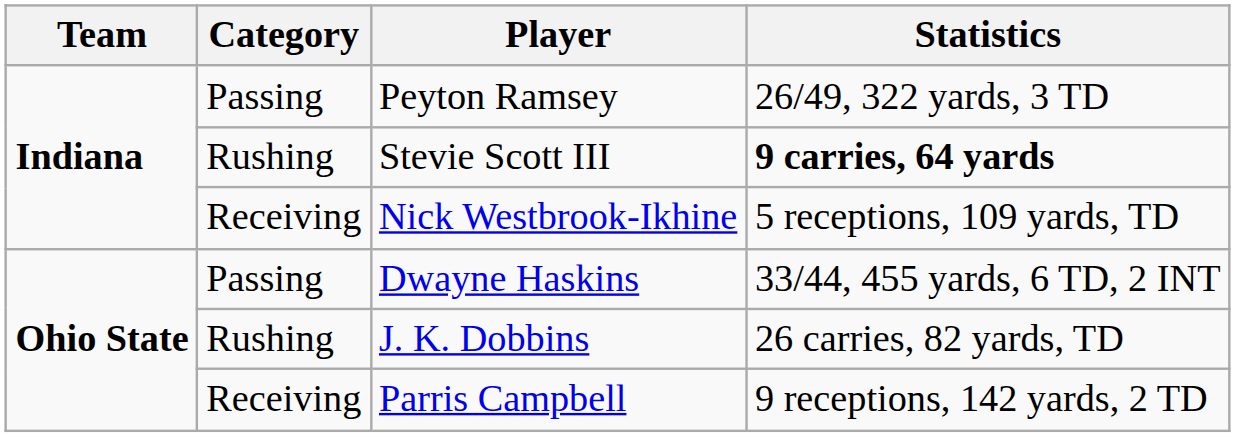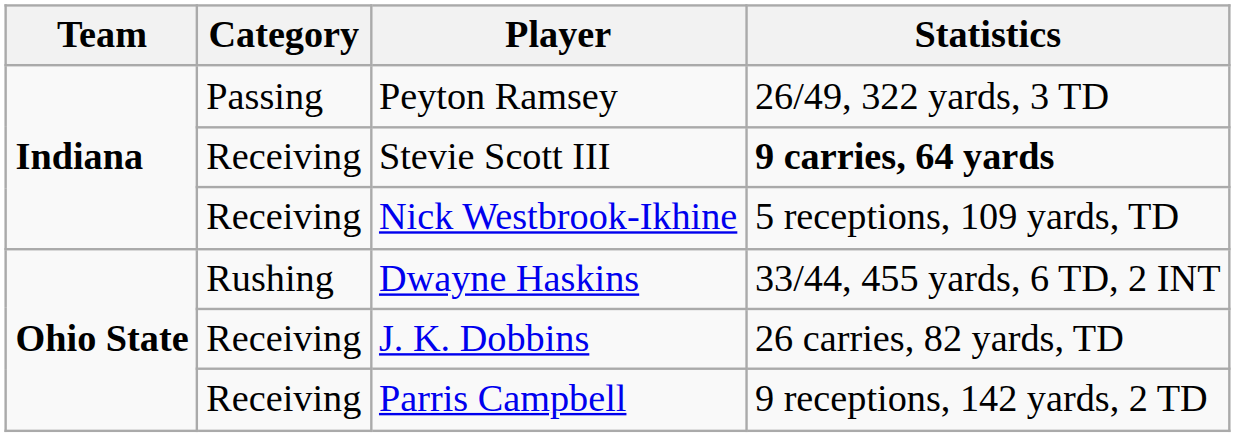 <table class="wikitable" style="float: right;">
 <tr>
 <th>Team</th>
 <th>Category</th>
 <th>Player</th>
 <th>Statistics</th>
 </tr>
 <tr>
 <td rowspan=3><strong>Indiana</strong></td>
 <td>Passing</td>
 <td>Peyton Ramsey</td>
 <td>26/49, 322 yards, 3 TD</td>
 </tr>
 <tr>
-<td>Rushing</td>
+<td>Receiving</td>
 <td>Stevie Scott III</td>
 <td><strong>9 carries, 64 yards</strong></td>
 </tr>
 <tr>
 <td>Receiving</td>
 <td><a href='#'>Nick Westbrook-Ikhine</a></td>
 <td>5 receptions, 109 yards, TD</td>
 </tr>
 <tr>
 <td rowspan=3><strong>Ohio State</strong></td>
-<td>Passing</td>
+<td>Rushing</td>
 <td><a href='#'>Dwayne Haskins</a></td>
 <td>33/44, 455 yards, 6 TD, 2 INT</td>
 </tr>
 <tr>
-<td>Rushing</td>
+<td>Receiving</td>
 <td><a href='#'>J. K. Dobbins</a></td>
 <td>26 carries, 82 yards, TD</td>
 </tr>
 <tr>
 <td>Receiving</td>
 <td><a href='#'>Parris Campbell</a></td>
 <td>9 receptions, 142 yards, 2 TD</td>
 </tr>
 </table>
